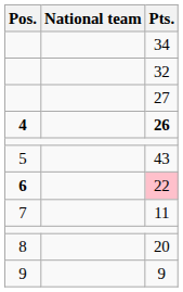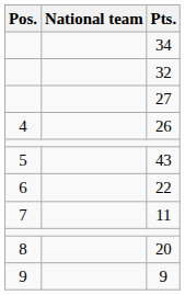 <table class=wikitable style="font-size: 95%">
 <tr>
 <th>Pos.</th>
 <th>National team</th>
 <th>Pts.</th>
 </tr>
 <tr align=center>
 <td></td>
 <td align=left></td>
 <td>34</td>
 </tr>
 <tr align=center>
 <td></td>
 <td align=left></td>
 <td>32</td>
 </tr>
 <tr align=center>
 <td></td>
 <td align=left></td>
 <td>27</td>
 </tr>
 <tr align=center>
-<td><strong>4</strong></td>
+<td>4</td>
 <td align=left></td>
-<td><strong>26</strong></td>
+<td>26</td>
 </tr>
 <tr>
 <td colspan=3 ></td>
 </tr>
 <tr align=center>
 <td>5</td>
 <td align=left></td>
 <td>43</td>
 </tr>
 <tr align=center>
-<td><strong>6</strong></td>
+<td>6</td>
 <td align=left></td>
-<td style="background: pink;">22</td>
+<td>22</td>
 </tr>
 <tr align=center>
 <td>7</td>
 <td align=left></td>
 <td>11</td>
 </tr>
 <tr>
 <td colspan=3 ></td>
 </tr>
 <tr align=center>
 <td>8</td>
 <td align=left></td>
 <td>20</td>
 </tr>
 <tr align=center>
 <td>9</td>
 <td align=left></td>
 <td>9</td>
 </tr>
 </table>
